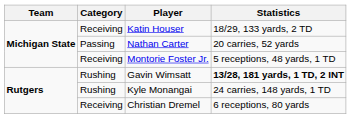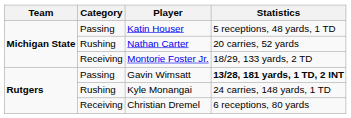 <table class="wikitable" style="float: left;">
 <tr>
 <th>Team</th>
 <th>Category</th>
 <th>Player</th>
 <th>Statistics</th>
 </tr>
 <tr>
 <td rowspan=3><strong>Michigan State</strong></td>
-<td>Receiving</td>
+<td>Passing</td>
 <td><a href='#'>Katin Houser</a></td>
-<td>18/29, 133 yards, 2 TD</td>
+<td>5 receptions, 48 yards, 1 TD</td>
 </tr>
 <tr>
-<td>Passing</td>
+<td>Rushing</td>
 <td><a href='#'>Nathan Carter</a></td>
 <td>20 carries, 52 yards</td>
 </tr>
 <tr>
 <td>Receiving</td>
 <td><a href='#'>Montorie Foster Jr.</a></td>
-<td>5 receptions, 48 yards, 1 TD</td>
+<td>18/29, 133 yards, 2 TD</td>
 </tr>
 <tr>
 <td rowspan=3><strong>Rutgers</strong></td>
-<td>Rushing</td>
+<td>Passing</td>
 <td>Gavin Wimsatt</td>
 <td><strong>13/28, 181 yards, 1 TD, 2 INT</strong></td>
 </tr>
 <tr>
 <td>Rushing</td>
 <td>Kyle Monangai</td>
 <td>24 carries, 148 yards, 1 TD</td>
 </tr>
 <tr>
 <td>Receiving</td>
 <td>Christian Dremel</td>
 <td>6 receptions, 80 yards</td>
 </tr>
 </table>
